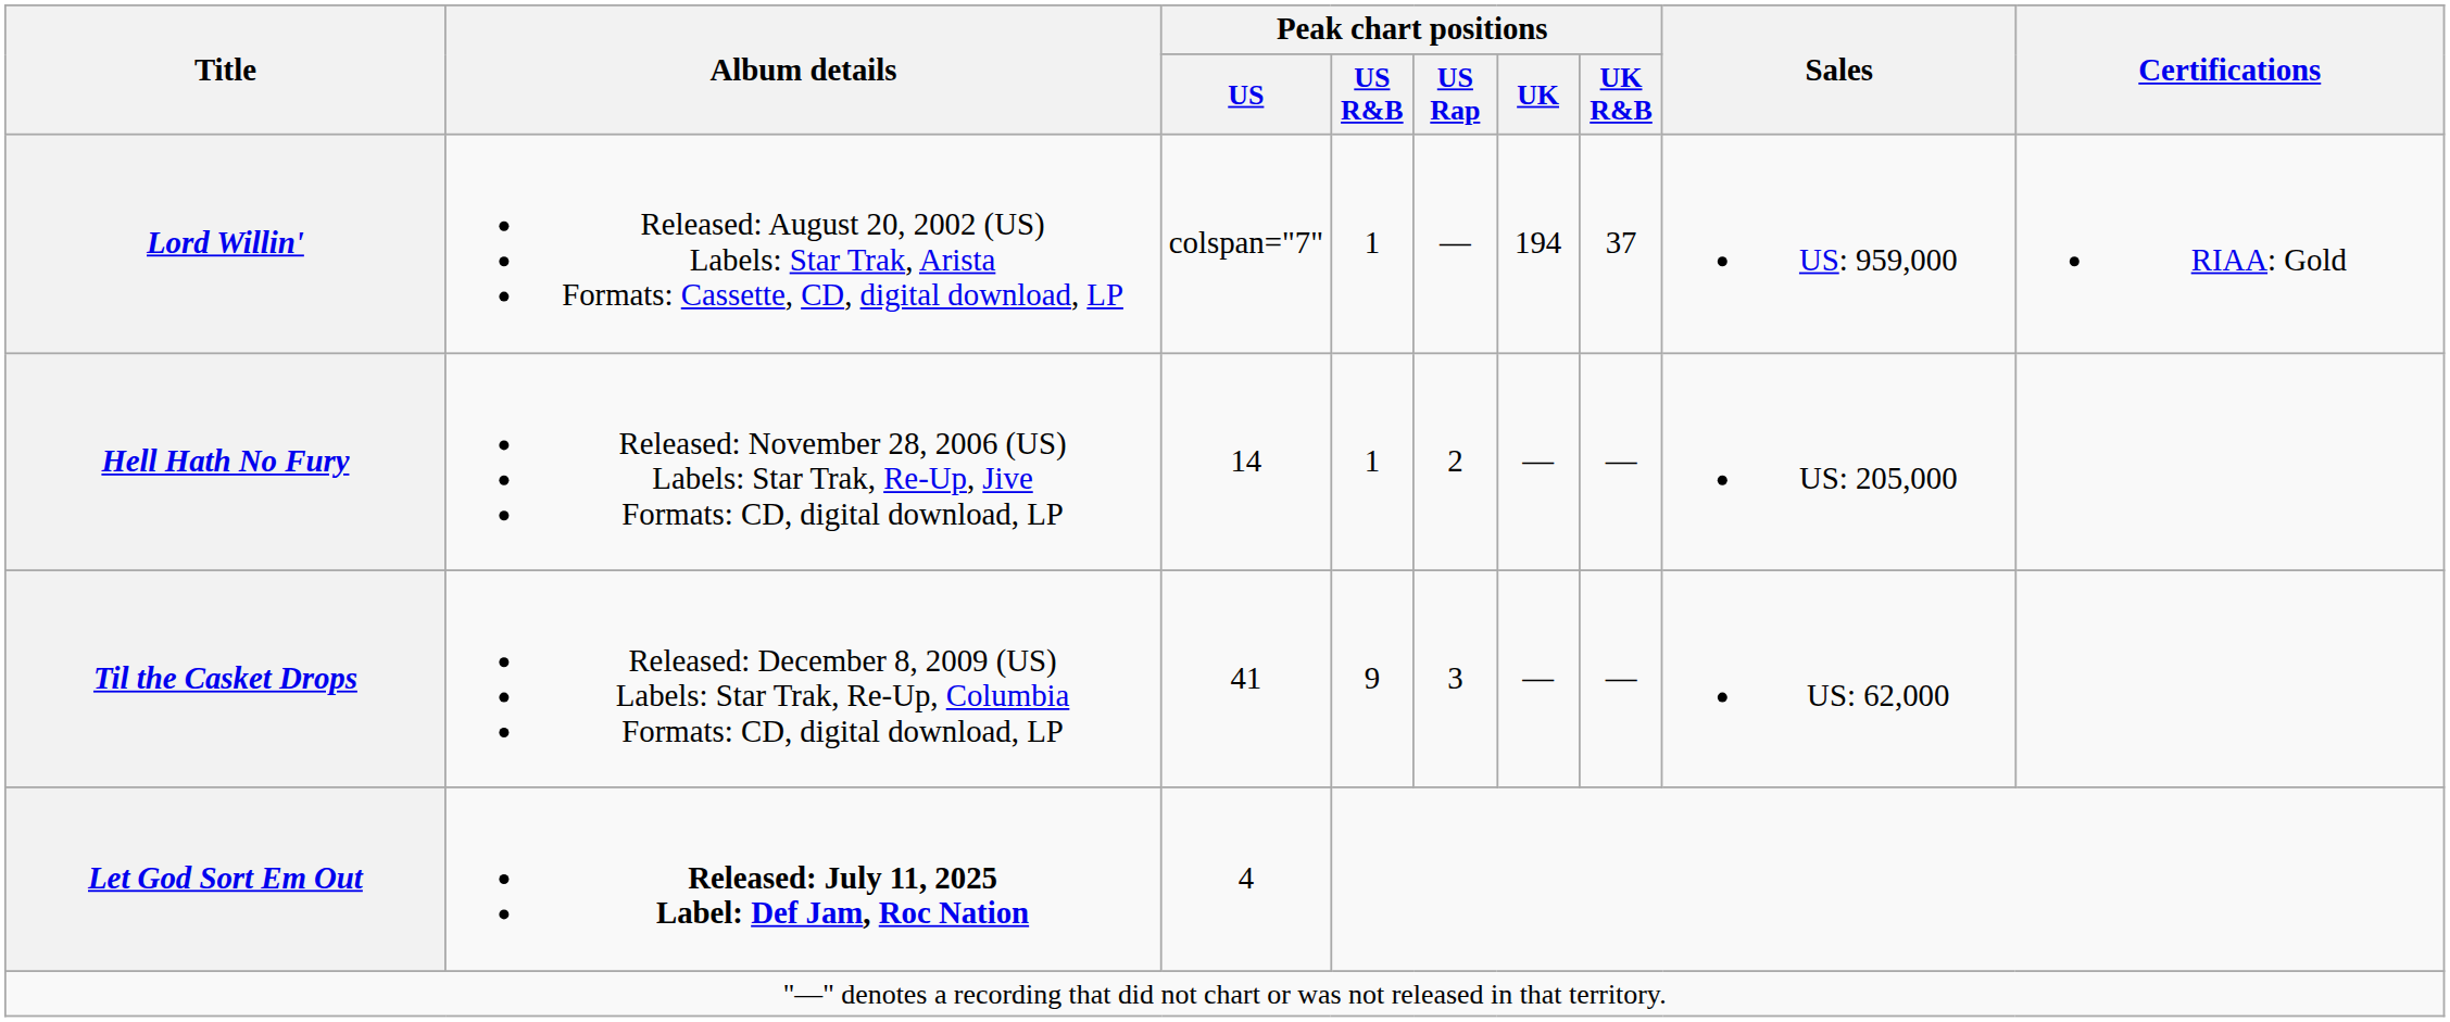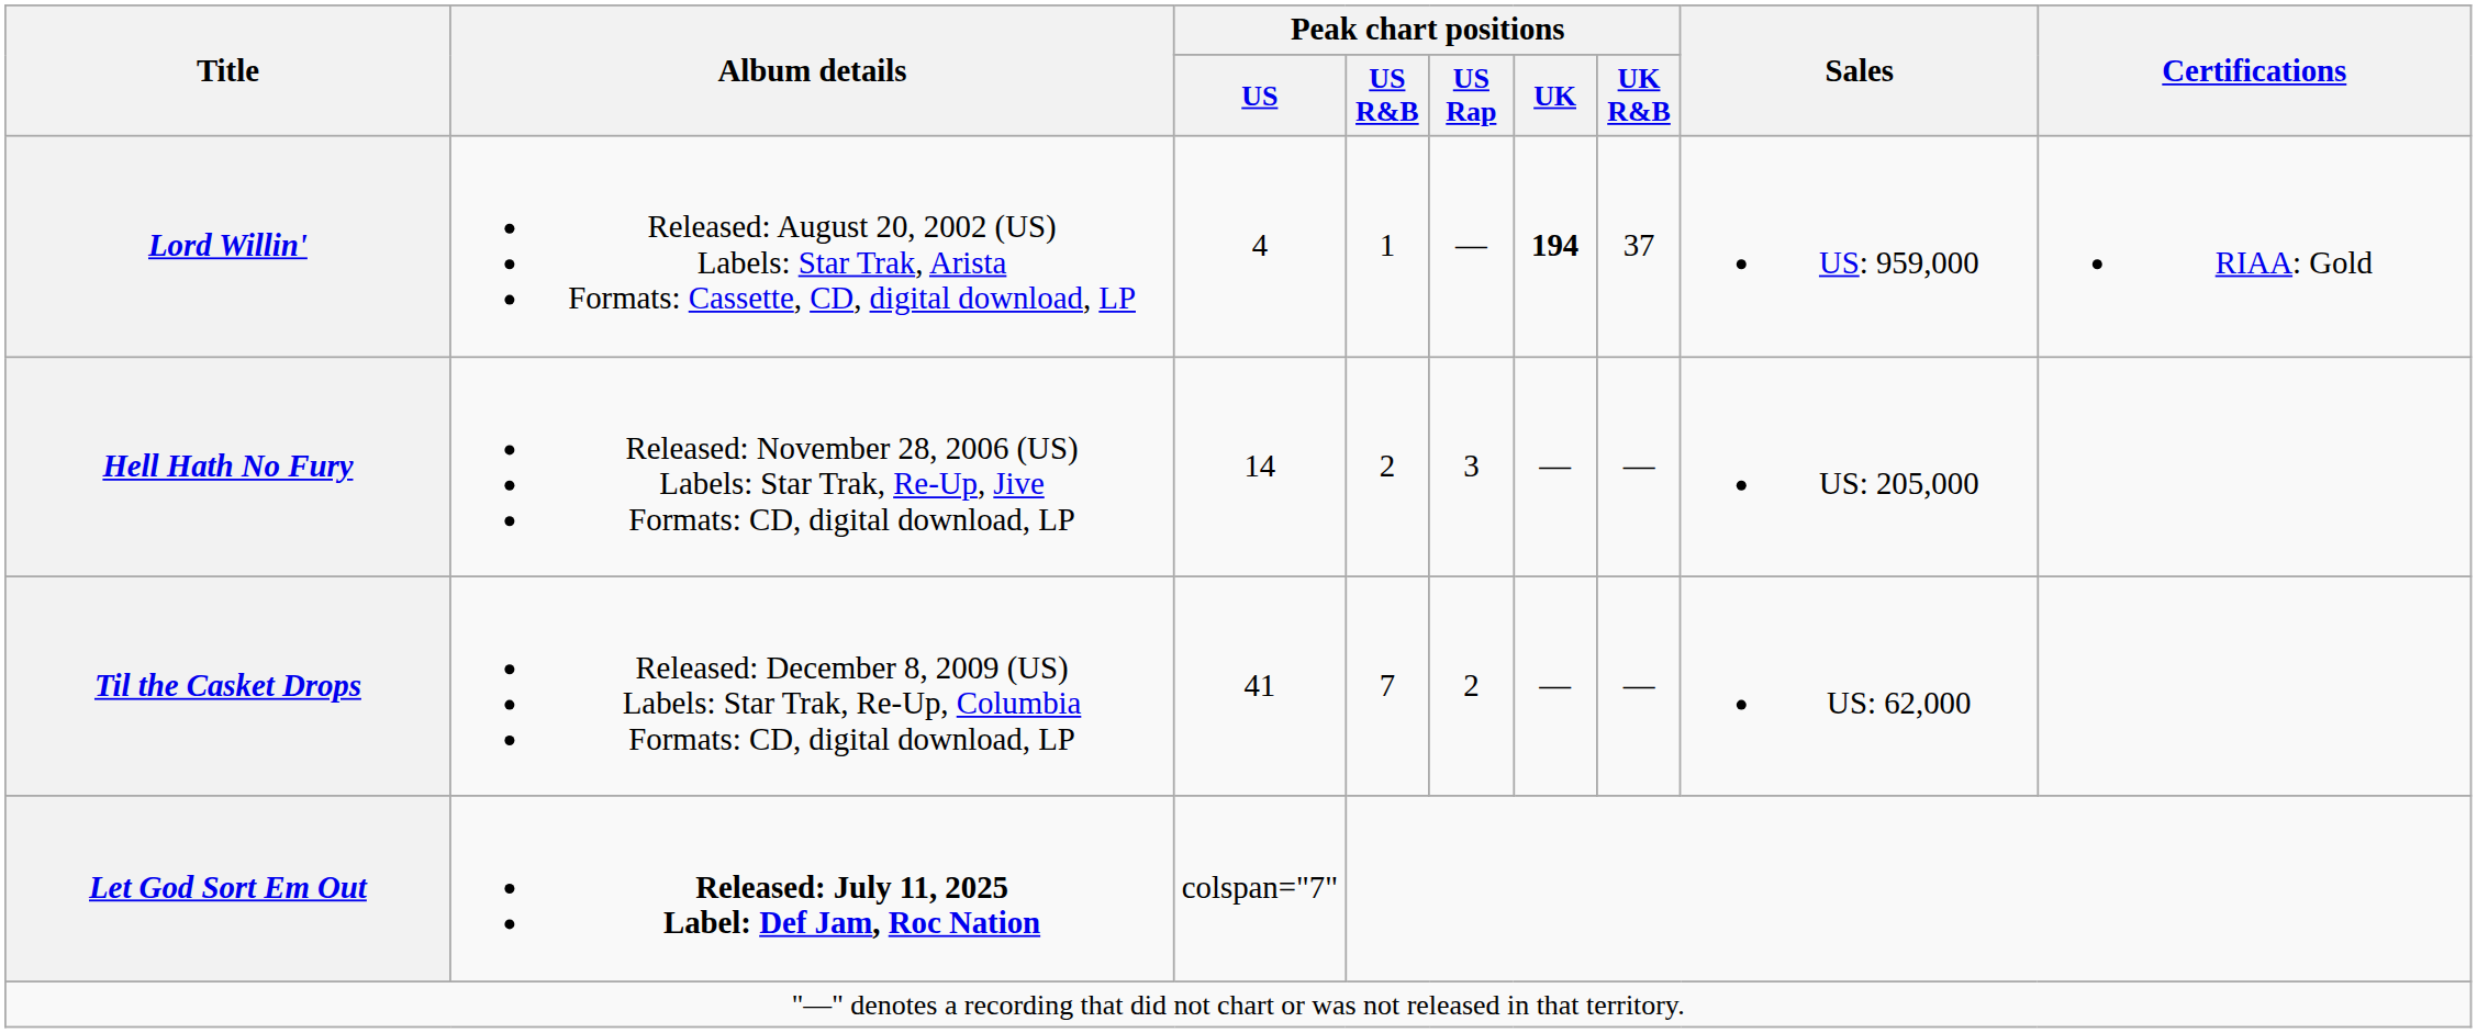 <table class="wikitable plainrowheaders" style="text-align:center;" border="1">
 <tr>
 <th scope="col" rowspan="2" style="width:14em;">Title</th>
 <th scope="col" rowspan="2" style="width:23em;">Album details</th>
 <th scope="col" colspan="5">Peak chart positions</th>
 <th scope="col" rowspan="2" style="width:11em;">Sales</th>
 <th scope="col" rowspan="2" style="width:13.5em;"><a href='#'>Certifications</a></th>
 </tr>
 <tr>
 <th scope="col" style="width:2.5em;font-size:90%;"><a href='#'>US</a><br></th>
 <th scope="col" style="width:2.5em;font-size:90%;"><a href='#'>US<br>R&B</a><br></th>
 <th scope="col" style="width:2.5em;font-size:90%;"><a href='#'>US<br>Rap</a><br></th>
 <th scope="col" style="width:2.5em;font-size:90%;"><a href='#'>UK</a><br></th>
 <th scope="col" style="width:2.5em;font-size:90%;"><a href='#'>UK<br>R&B</a><br></th>
 </tr>
 <tr>
 <th scope="row"><em><a href='#'>Lord Willin'</a></em></th>
 <td><br><ul><li>Released: August 20, 2002 <span>(US)</span></li><li>Labels: <a href='#'>Star Trak</a>, <a href='#'>Arista</a></li><li>Formats: <a href='#'>Cassette</a>, <a href='#'>CD</a>, <a href='#'>digital download</a>, <a href='#'>LP</a></li></ul></td>
-<td>colspan="7" </td>
+<td>4</td>
 <td>1</td>
 <td>—</td>
-<td>194</td>
+<td><strong>194</strong></td>
 <td>37</td>
 <td><br><ul><li><a href='#'>US</a>: 959,000</li></ul></td>
 <td><br><ul><li><a href='#'>RIAA</a>: Gold</li></ul></td>
 </tr>
 <tr>
 <th scope="row"><em><a href='#'>Hell Hath No Fury</a></em></th>
 <td><br><ul><li>Released: November 28, 2006 <span>(US)</span></li><li>Labels: Star Trak, <a href='#'>Re-Up</a>, <a href='#'>Jive</a></li><li>Formats: CD, digital download, LP</li></ul></td>
 <td>14</td>
-<td>1</td>
 <td>2</td>
+<td>3</td>
 <td>—</td>
 <td>—</td>
 <td><br><ul><li>US: 205,000</li></ul></td>
 <td></td>
 </tr>
 <tr>
 <th scope="row"><em><a href='#'>Til the Casket Drops</a></em></th>
 <td><br><ul><li>Released: December 8, 2009 <span>(US)</span></li><li>Labels: Star Trak, Re-Up, <a href='#'>Columbia</a></li><li>Formats: CD, digital download, LP</li></ul></td>
 <td>41</td>
-<td>9</td>
-<td>3</td>
+<td>7</td>
+<td>2</td>
 <td>—</td>
 <td>—</td>
 <td><br><ul><li>US: 62,000</li></ul></td>
 <td></td>
 </tr>
 <tr>
 <th scope="row"><em><a href='#'>Let God Sort Em Out</a></em></th>
 <td><strong><br><ul><li>Released: July 11, 2025</li><li>Label: <a href='#'>Def Jam</a>, <a href='#'>Roc Nation</a></li></ul></strong></td>
-<td>4</td>
+<td>colspan="7" </td>
 </tr>
 <tr>
 <td colspan="14" style="font-size:90%">"—" denotes a recording that did not chart or was not released in that territory.</td>
 </tr>
 </table>
